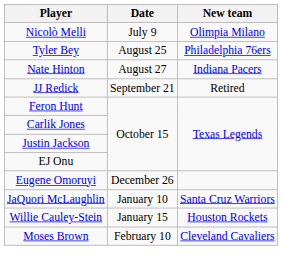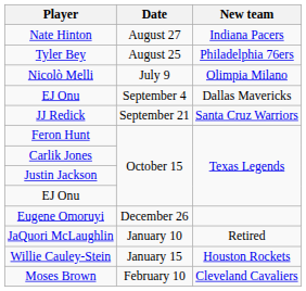 <table class="wikitable sortable sortable">
 <tr>
 <th>Player</th>
 <th>Date</th>
 <th>New team</th>
 </tr>
 <tr style="text-align: center">
-<td><a href='#'>Nicolò Melli</a></td>
-<td>July 9</td>
-<td> <a href='#'>Olimpia Milano</a></td>
+<td><a href='#'>Nate Hinton</a></td>
+<td>August 27</td>
+<td><a href='#'>Indiana Pacers</a></td>
 </tr>
 <tr style="text-align: center">
 <td><a href='#'>Tyler Bey</a></td>
 <td>August 25</td>
 <td><a href='#'>Philadelphia 76ers</a></td>
 </tr>
 <tr style="text-align: center">
-<td><a href='#'>Nate Hinton</a></td>
-<td>August 27</td>
-<td><a href='#'>Indiana Pacers</a></td>
+<td><a href='#'>Nicolò Melli</a></td>
+<td>July 9</td>
+<td> <a href='#'>Olimpia Milano</a></td>
+</tr>
+<tr style="text-align: center">
+<td><a href='#'>EJ Onu</a></td>
+<td>September 4</td>
+<td>Dallas Mavericks</td>
 </tr>
 <tr style="text-align: center">
 <td><a href='#'>JJ Redick</a></td>
 <td>September 21</td>
-<td>Retired</td>
+<td><a href='#'>Santa Cruz Warriors</a></td>
 </tr>
 <tr style="text-align: center">
 <td><a href='#'>Feron Hunt</a></td>
 <td rowspan=4>October 15</td>
 <td rowspan=4><a href='#'>Texas Legends</a></td>
 </tr>
 <tr style="text-align: center">
 <td><a href='#'>Carlik Jones</a></td>
 </tr>
 <tr style="text-align: center">
 <td><a href='#'>Justin Jackson</a></td>
 </tr>
 <tr style="text-align: center">
 <td>EJ Onu</td>
 </tr>
 <tr style="text-align: center">
 <td><a href='#'>Eugene Omoruyi</a></td>
 <td>December 26</td>
 <td></td>
 </tr>
 <tr style="text-align: center">
 <td><a href='#'>JaQuori McLaughlin</a></td>
 <td>January 10</td>
-<td><a href='#'>Santa Cruz Warriors</a></td>
+<td>Retired</td>
 </tr>
 <tr style="text-align: center">
 <td><a href='#'>Willie Cauley-Stein</a></td>
 <td>January 15</td>
 <td><a href='#'>Houston Rockets</a></td>
 </tr>
 <tr style="text-align: center">
 <td><a href='#'>Moses Brown</a></td>
 <td>February 10</td>
 <td><a href='#'>Cleveland Cavaliers</a></td>
 </tr>
 </table>
